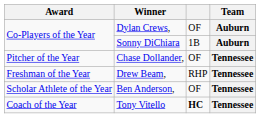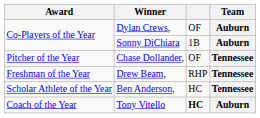 <table class="wikitable" border="0">
 <tr>
 <th>Award</th>
 <th>Winner</th>
 <th></th>
 <th>Team</th>
 </tr>
 <tr>
 <td rowspan=2><a href='#'>Co-Players of the Year</a></td>
 <td><a href='#'>Dylan Crews</a>, </td>
 <td>OF</td>
 <th>Auburn</th>
 </tr>
 <tr>
 <td><a href='#'>Sonny DiChiara</a> </td>
 <td>1B</td>
 <th>Auburn</th>
 </tr>
 <tr>
 <td><a href='#'>Pitcher of the Year</a></td>
 <td><a href='#'>Chase Dollander</a>, </td>
 <td>OF</td>
 <th>Tennessee</th>
 </tr>
 <tr>
 <td><a href='#'>Freshman of the Year</a></td>
 <td><a href='#'>Drew Beam</a>, </td>
 <td>RHP</td>
 <th>Tennessee</th>
 </tr>
 <tr>
 <td><a href='#'>Scholar Athlete of the Year</a></td>
 <td><a href='#'>Ben Anderson</a>, </td>
-<td>OF</td>
+<td>HC</td>
 <th>Tennessee</th>
 </tr>
 <tr>
 <td><a href='#'>Coach of the Year</a></td>
 <td><a href='#'>Tony Vitello</a></td>
 <td><strong>HC</strong></td>
-<th>Tennessee</th>
+<th>Auburn</th>
 </tr>
 </table>
